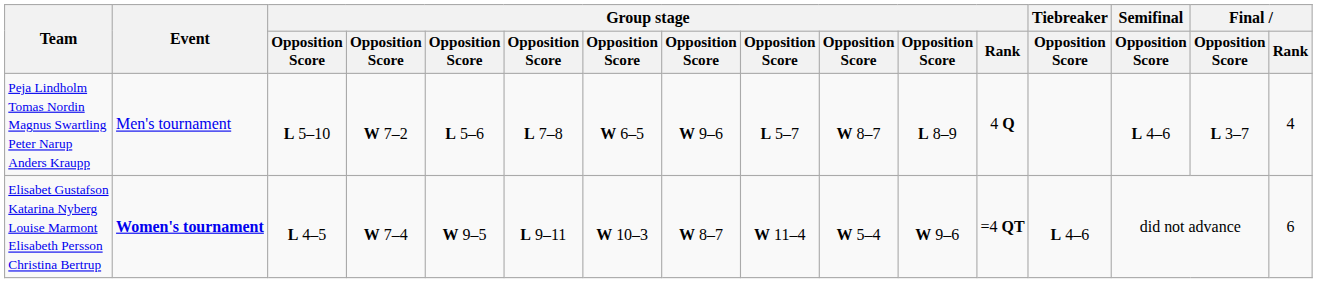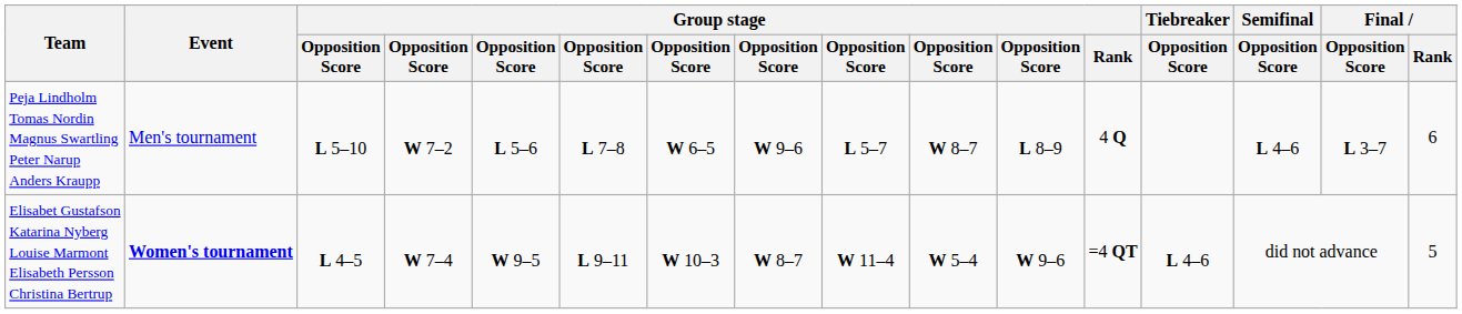 <table class="wikitable" style="font-size:90%">
 <tr>
 <th rowspan=2>Team</th>
 <th rowspan=2>Event</th>
 <th colspan=10>Group stage</th>
 <th>Tiebreaker</th>
 <th>Semifinal</th>
 <th colspan=2>Final / </th>
 </tr>
 <tr style="font-size:95%">
 <th>Opposition<br>Score</th>
 <th>Opposition<br>Score</th>
 <th>Opposition<br>Score</th>
 <th>Opposition<br>Score</th>
 <th>Opposition<br>Score</th>
 <th>Opposition<br>Score</th>
 <th>Opposition<br>Score</th>
 <th>Opposition<br>Score</th>
 <th>Opposition<br>Score</th>
 <th>Rank</th>
 <th>Opposition<br>Score</th>
 <th>Opposition<br>Score</th>
 <th>Opposition<br>Score</th>
 <th>Rank</th>
 </tr>
 <tr align=center>
 <td align=left><small><a href='#'>Peja Lindholm</a><br><a href='#'>Tomas Nordin</a><br><a href='#'>Magnus Swartling</a><br><a href='#'>Peter Narup</a><br><a href='#'>Anders Kraupp</a></small></td>
 <td align=left><a href='#'>Men's tournament</a></td>
 <td><br> <strong>L</strong> 5–10</td>
 <td><br> <strong>W</strong> 7–2</td>
 <td><br> <strong>L</strong> 5–6</td>
 <td><br> <strong>L</strong> 7–8</td>
 <td><br> <strong>W</strong> 6–5</td>
 <td><br> <strong>W</strong> 9–6</td>
 <td><br> <strong>L</strong> 5–7</td>
 <td><br> <strong>W</strong> 8–7</td>
 <td><br> <strong>L</strong> 8–9</td>
 <td>4 <strong>Q</strong></td>
 <td></td>
 <td><br> <strong>L</strong> 4–6</td>
 <td><br> <strong>L</strong> 3–7</td>
-<td>4</td>
+<td>6</td>
 </tr>
 <tr align=center>
 <td align=left><small><a href='#'>Elisabet Gustafson</a><br><a href='#'>Katarina Nyberg</a><br><a href='#'>Louise Marmont</a><br><a href='#'>Elisabeth Persson</a><br><a href='#'>Christina Bertrup</a></small></td>
 <td align=left><strong><a href='#'>Women's tournament</a></strong></td>
 <td><br> <strong>L</strong> 4–5</td>
 <td><br> <strong>W</strong> 7–4</td>
 <td><br> <strong>W</strong> 9–5</td>
 <td><br> <strong>L</strong> 9–11</td>
 <td><br> <strong>W</strong> 10–3</td>
 <td><br> <strong>W</strong> 8–7</td>
 <td><br> <strong>W</strong> 11–4</td>
 <td><br> <strong>W</strong> 5–4</td>
 <td><br> <strong>W</strong> 9–6</td>
 <td>=4 <strong>QT</strong></td>
 <td><br> <strong>L</strong> 4–6</td>
 <td colspan=2>did not advance</td>
-<td>6</td>
+<td>5</td>
 </tr>
 </table>
